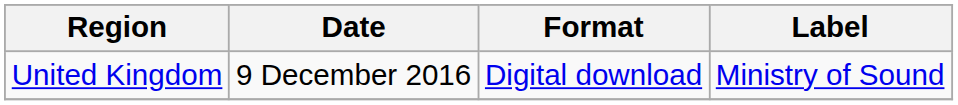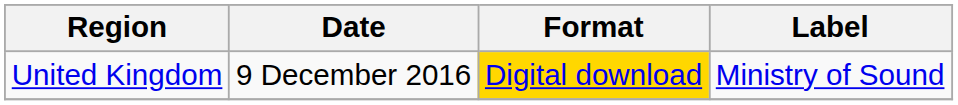 <table class=wikitable>
 <tr>
 <th>Region</th>
 <th>Date</th>
 <th>Format</th>
 <th>Label</th>
 </tr>
 <tr>
 <td><a href='#'>United Kingdom</a></td>
 <td>9 December 2016</td>
-<td><a href='#'>Digital download</a></td>
+<td style="background: gold;"><a href='#'>Digital download</a></td>
 <td><a href='#'>Ministry of Sound</a></td>
 </tr>
 <tr>
 </tr>
 </table>
